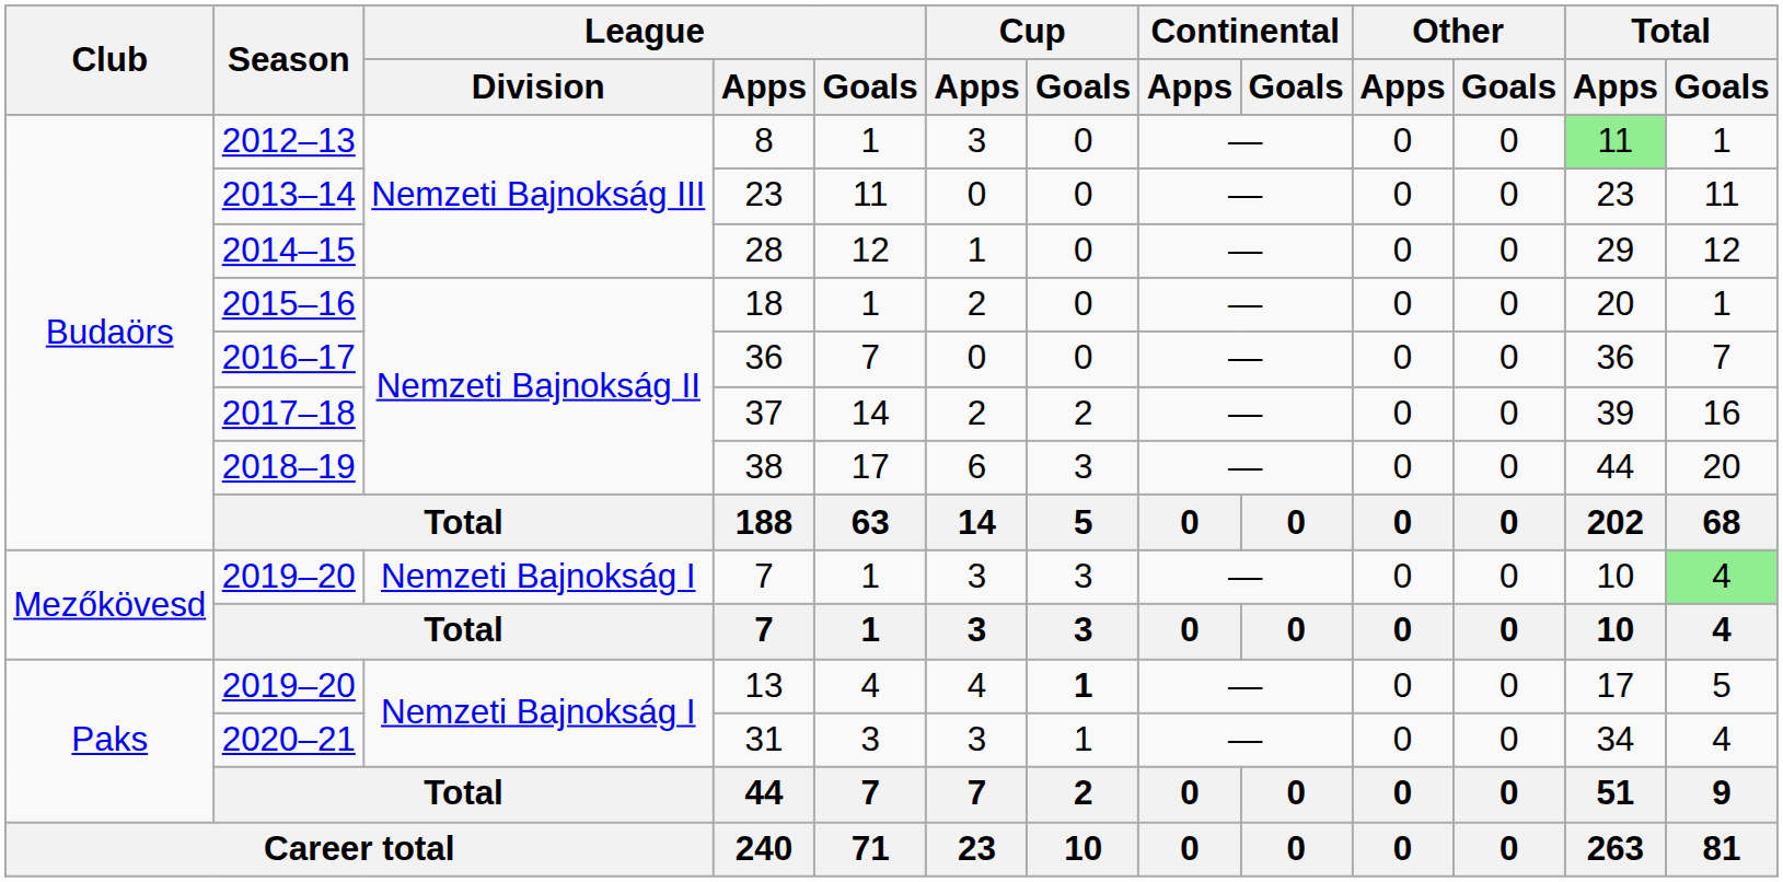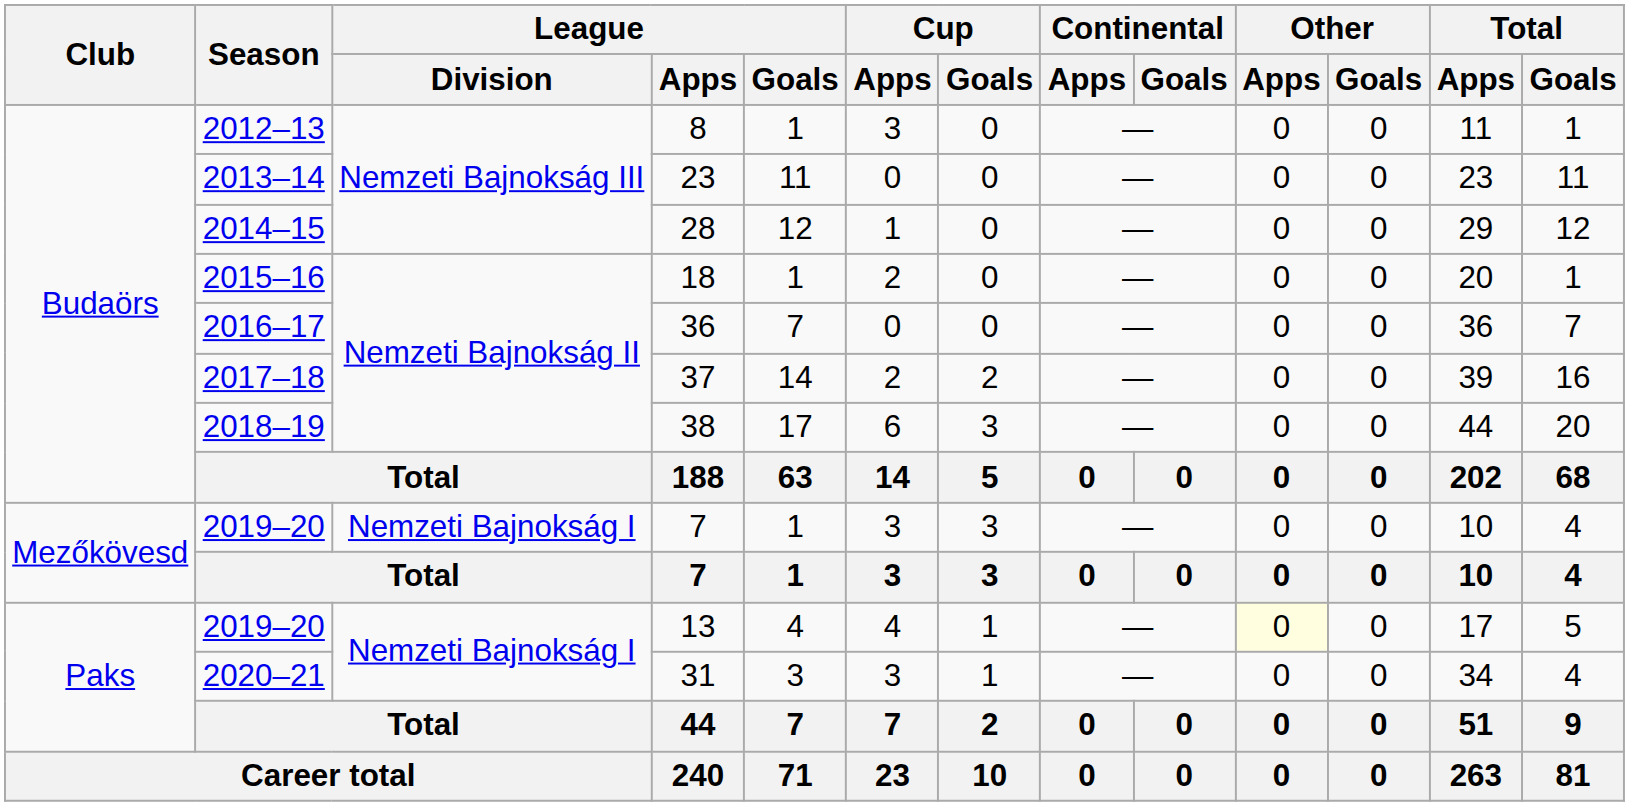 <table class="wikitable" style="text-align:center">
 <tr>
 <th rowspan="2">Club</th>
 <th rowspan="2">Season</th>
 <th colspan="3">League</th>
 <th colspan="2">Cup</th>
 <th colspan="2">Continental</th>
 <th colspan="2">Other</th>
 <th colspan="2">Total</th>
 </tr>
 <tr>
 <th>Division</th>
 <th>Apps</th>
 <th>Goals</th>
 <th>Apps</th>
 <th>Goals</th>
 <th>Apps</th>
 <th>Goals</th>
 <th>Apps</th>
 <th>Goals</th>
 <th>Apps</th>
 <th>Goals</th>
 </tr>
 <tr>
 <td rowspan="8"><a href='#'>Budaörs</a></td>
 <td><a href='#'>2012–13</a></td>
 <td rowspan="3"><a href='#'>Nemzeti Bajnokság III</a></td>
 <td>8</td>
 <td>1</td>
 <td>3</td>
 <td>0</td>
 <td colspan="2">—</td>
 <td>0</td>
 <td>0</td>
-<td style="background: lightgreen;">11</td>
+<td>11</td>
 <td>1</td>
 </tr>
 <tr>
 <td><a href='#'>2013–14</a></td>
 <td>23</td>
 <td>11</td>
 <td>0</td>
 <td>0</td>
 <td colspan="2">—</td>
 <td>0</td>
 <td>0</td>
 <td>23</td>
 <td>11</td>
 </tr>
 <tr>
 <td><a href='#'>2014–15</a></td>
 <td>28</td>
 <td>12</td>
 <td>1</td>
 <td>0</td>
 <td colspan="2">—</td>
 <td>0</td>
 <td>0</td>
 <td>29</td>
 <td>12</td>
 </tr>
 <tr>
 <td><a href='#'>2015–16</a></td>
 <td rowspan="4"><a href='#'>Nemzeti Bajnokság II</a></td>
 <td>18</td>
 <td>1</td>
 <td>2</td>
 <td>0</td>
 <td colspan="2">—</td>
 <td>0</td>
 <td>0</td>
 <td>20</td>
 <td>1</td>
 </tr>
 <tr>
 <td><a href='#'>2016–17</a></td>
 <td>36</td>
 <td>7</td>
 <td>0</td>
 <td>0</td>
 <td colspan="2">—</td>
 <td>0</td>
 <td>0</td>
 <td>36</td>
 <td>7</td>
 </tr>
 <tr>
 <td><a href='#'>2017–18</a></td>
 <td>37</td>
 <td>14</td>
 <td>2</td>
 <td>2</td>
 <td colspan="2">—</td>
 <td>0</td>
 <td>0</td>
 <td>39</td>
 <td>16</td>
 </tr>
 <tr>
 <td><a href='#'>2018–19</a></td>
 <td>38</td>
 <td>17</td>
 <td>6</td>
 <td>3</td>
 <td colspan="2">—</td>
 <td>0</td>
 <td>0</td>
 <td>44</td>
 <td>20</td>
 </tr>
 <tr>
 <th colspan="2">Total</th>
 <th>188</th>
 <th>63</th>
 <th>14</th>
 <th>5</th>
 <th>0</th>
 <th>0</th>
 <th>0</th>
 <th>0</th>
 <th>202</th>
 <th>68</th>
 </tr>
 <tr>
 <td rowspan="2"><a href='#'>Mezőkövesd</a></td>
 <td><a href='#'>2019–20</a></td>
 <td><a href='#'>Nemzeti Bajnokság I</a></td>
 <td>7</td>
 <td>1</td>
 <td>3</td>
 <td>3</td>
 <td colspan="2">—</td>
 <td>0</td>
 <td>0</td>
 <td>10</td>
-<td style="background: lightgreen;">4</td>
+<td>4</td>
 </tr>
 <tr>
 <th colspan="2">Total</th>
 <th>7</th>
 <th>1</th>
 <th>3</th>
 <th>3</th>
 <th>0</th>
 <th>0</th>
 <th>0</th>
 <th>0</th>
 <th>10</th>
 <th>4</th>
 </tr>
 <tr>
 <td rowspan="3"><a href='#'>Paks</a></td>
 <td><a href='#'>2019–20</a></td>
 <td rowspan="2"><a href='#'>Nemzeti Bajnokság I</a></td>
 <td>13</td>
 <td>4</td>
 <td>4</td>
-<td><strong>1</strong></td>
+<td>1</td>
 <td colspan="2">—</td>
-<td>0</td>
+<td style="background: lightyellow;">0</td>
 <td>0</td>
 <td>17</td>
 <td>5</td>
 </tr>
 <tr>
 <td><a href='#'>2020–21</a></td>
 <td>31</td>
 <td>3</td>
 <td>3</td>
 <td>1</td>
 <td colspan="2">—</td>
 <td>0</td>
 <td>0</td>
 <td>34</td>
 <td>4</td>
 </tr>
 <tr>
 <th colspan="2">Total</th>
 <th>44</th>
 <th>7</th>
 <th>7</th>
 <th>2</th>
 <th>0</th>
 <th>0</th>
 <th>0</th>
 <th>0</th>
 <th>51</th>
 <th>9</th>
 </tr>
 <tr>
 <th colspan="3">Career total</th>
 <th>240</th>
 <th>71</th>
 <th>23</th>
 <th>10</th>
 <th>0</th>
 <th>0</th>
 <th>0</th>
 <th>0</th>
 <th>263</th>
 <th>81</th>
 </tr>
 </table>
